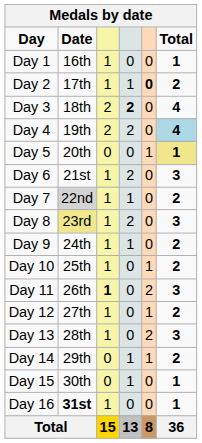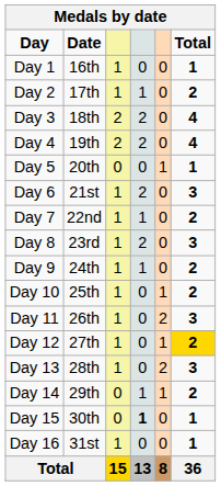 <table class="wikitable" style="margin-left:auto; margin-right:auto;">
 <tr style="background:#efefef;">
 <th colspan=7><strong>Medals by date</strong></th>
 </tr>
 <tr style="text-align:center;">
 <td><strong>Day</strong></td>
 <td><strong>Date</strong></td>
 <td style="background:#F7F6A8;"></td>
 <td style="background:#DCE5E5;"></td>
 <td style="background:#FFDAB9;"></td>
 <td><strong>Total</strong></td>
 </tr>
 <tr style="text-align:center;">
 <td>Day 1</td>
 <td>16th</td>
 <td style="background:#F7F6A8;">1</td>
 <td style="background:#DCE5E5;">0</td>
 <td style="background:#FFDAB9;">0</td>
 <td><strong>1</strong></td>
 </tr>
 <tr style="text-align:center;">
 <td>Day 2</td>
 <td>17th</td>
 <td style="background:#F7F6A8;">1</td>
 <td style="background:#DCE5E5;">1</td>
-<td style="background:#FFDAB9;"><strong>0</strong></td>
+<td style="background:#FFDAB9;">0</td>
 <td><strong>2</strong></td>
 </tr>
 <tr style="text-align:center;">
 <td>Day 3</td>
 <td>18th</td>
 <td style="background:#F7F6A8;">2</td>
-<td style="background:#DCE5E5;"><strong>2</strong></td>
+<td style="background:#DCE5E5;">2</td>
 <td style="background:#FFDAB9;">0</td>
 <td><strong>4</strong></td>
 </tr>
 <tr style="text-align:center;">
 <td>Day 4</td>
 <td>19th</td>
 <td style="background:#F7F6A8;">2</td>
 <td style="background:#DCE5E5;">2</td>
 <td style="background:#FFDAB9;">0</td>
-<td style="background: lightblue;"><strong>4</strong></td>
+<td><strong>4</strong></td>
 </tr>
 <tr style="text-align:center;">
 <td>Day 5</td>
 <td>20th</td>
 <td style="background:#F7F6A8;">0</td>
 <td style="background:#DCE5E5;">0</td>
 <td style="background:#FFDAB9;">1</td>
-<td style="background: khaki;"><strong>1</strong></td>
+<td><strong>1</strong></td>
 </tr>
 <tr style="text-align:center;">
 <td>Day 6</td>
 <td>21st</td>
 <td style="background:#F7F6A8;">1</td>
 <td style="background:#DCE5E5;">2</td>
 <td style="background:#FFDAB9;">0</td>
 <td><strong>3</strong></td>
 </tr>
 <tr style="text-align:center;">
 <td>Day 7</td>
-<td style="background: lightgrey;">22nd</td>
+<td>22nd</td>
 <td style="background:#F7F6A8;">1</td>
 <td style="background:#DCE5E5;">1</td>
 <td style="background:#FFDAB9;">0</td>
 <td><strong>2</strong></td>
 </tr>
 <tr style="text-align:center;">
 <td>Day 8</td>
-<td style="background: khaki;">23rd</td>
+<td>23rd</td>
 <td style="background:#F7F6A8;">1</td>
 <td style="background:#DCE5E5;">2</td>
 <td style="background:#FFDAB9;">0</td>
 <td><strong>3</strong></td>
 </tr>
 <tr style="text-align:center;">
 <td>Day 9</td>
 <td>24th</td>
 <td style="background:#F7F6A8;">1</td>
 <td style="background:#DCE5E5;">1</td>
 <td style="background:#FFDAB9;">0</td>
 <td><strong>2</strong></td>
 </tr>
 <tr style="text-align:center;">
 <td>Day 10</td>
 <td>25th</td>
 <td style="background:#F7F6A8;">1</td>
 <td style="background:#DCE5E5;">0</td>
 <td style="background:#FFDAB9;">1</td>
 <td><strong>2</strong></td>
 </tr>
 <tr style="text-align:center;">
 <td>Day 11</td>
 <td>26th</td>
-<td style="background:#F7F6A8;"><strong>1</strong></td>
+<td style="background:#F7F6A8;">1</td>
 <td style="background:#DCE5E5;">0</td>
 <td style="background:#FFDAB9;">2</td>
 <td><strong>3</strong></td>
 </tr>
 <tr style="text-align:center;">
 <td>Day 12</td>
 <td>27th</td>
 <td style="background:#F7F6A8;">1</td>
 <td style="background:#DCE5E5;">0</td>
 <td style="background:#FFDAB9;">1</td>
-<td><strong>2</strong></td>
+<td style="background: gold;"><strong>2</strong></td>
 </tr>
 <tr style="text-align:center;">
 <td>Day 13</td>
 <td>28th</td>
 <td style="background:#F7F6A8;">1</td>
 <td style="background:#DCE5E5;">0</td>
 <td style="background:#FFDAB9;">2</td>
 <td><strong>3</strong></td>
 </tr>
 <tr style="text-align:center;">
 <td>Day 14</td>
 <td>29th</td>
 <td style="background:#F7F6A8;">0</td>
 <td style="background:#DCE5E5;">1</td>
 <td style="background:#FFDAB9;">1</td>
 <td><strong>2</strong></td>
 </tr>
 <tr style="text-align:center;">
 <td>Day 15</td>
 <td>30th</td>
 <td style="background:#F7F6A8;">0</td>
-<td style="background:#DCE5E5;">1</td>
+<td style="background:#DCE5E5;"><strong>1</strong></td>
 <td style="background:#FFDAB9;">0</td>
 <td><strong>1</strong></td>
 </tr>
 <tr style="text-align:center;">
 <td>Day 16</td>
-<td><strong>31st</strong></td>
+<td>31st</td>
 <td style="background:#F7F6A8;">1</td>
 <td style="background:#DCE5E5;">0</td>
 <td style="background:#FFDAB9;">0</td>
 <td><strong>1</strong></td>
 </tr>
 <tr>
 <th colspan="2"><strong>Total</strong></th>
 <th style="background:gold;"><strong>15</strong></th>
 <th style="background:silver;"><strong>13</strong></th>
 <th style="background:#c96;"><strong>8</strong></th>
 <th><strong>36</strong></th>
 </tr>
 </table>
